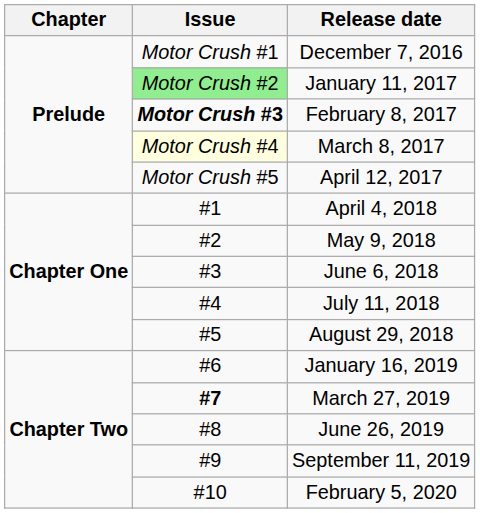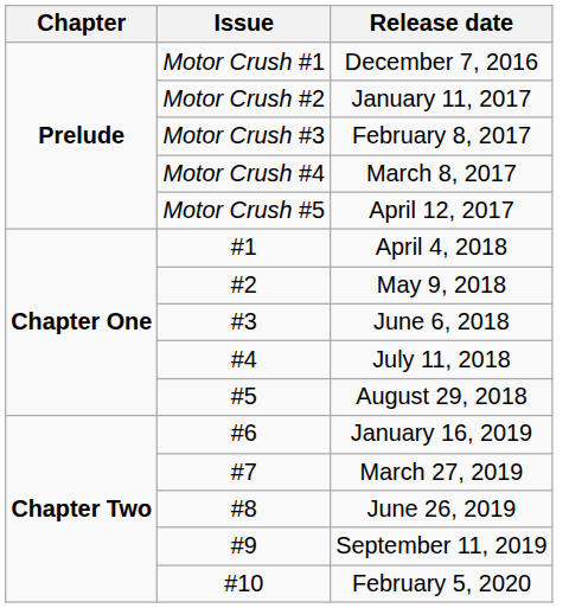 <table class="wikitable" style="text-align: center">
 <tr>
 <th>Chapter</th>
 <th>Issue</th>
 <th>Release date</th>
 </tr>
 <tr>
 <td rowspan=5><strong>Prelude</strong></td>
 <td><em>Motor Crush</em> #1</td>
 <td>December 7, 2016</td>
 </tr>
 <tr>
-<td style="background: lightgreen;"><em>Motor Crush</em> #2</td>
+<td><em>Motor Crush</em> #2</td>
 <td>January 11, 2017</td>
 </tr>
 <tr>
-<td><strong><em>Motor Crush</em> #3</strong></td>
+<td><em>Motor Crush</em> #3</td>
 <td>February 8, 2017</td>
 </tr>
 <tr>
-<td style="background: lightyellow;"><em>Motor Crush</em> #4</td>
+<td><em>Motor Crush</em> #4</td>
 <td>March 8, 2017</td>
 </tr>
 <tr>
 <td><em>Motor Crush</em> #5</td>
 <td>April 12, 2017</td>
 </tr>
 <tr>
 <td rowspan=5><strong>Chapter One</strong></td>
 <td>#1</td>
 <td>April 4, 2018</td>
 </tr>
 <tr>
 <td>#2</td>
 <td>May 9, 2018</td>
 </tr>
 <tr>
 <td>#3</td>
 <td>June 6, 2018</td>
 </tr>
 <tr>
 <td>#4</td>
 <td>July 11, 2018</td>
 </tr>
 <tr>
 <td>#5</td>
 <td>August 29, 2018</td>
 </tr>
 <tr>
 <td rowspan="8"><strong>Chapter Two</strong></td>
 <td>#6</td>
 <td>January 16, 2019</td>
 </tr>
 <tr>
-<td><strong>#7</strong></td>
+<td>#7</td>
 <td>March 27, 2019</td>
 </tr>
 <tr>
 <td>#8</td>
 <td>June 26, 2019</td>
 </tr>
 <tr>
 <td>#9</td>
 <td>September 11, 2019</td>
 </tr>
 <tr>
 <td>#10</td>
 <td>February 5, 2020</td>
 </tr>
 </table>
